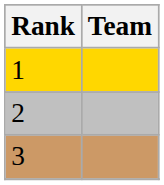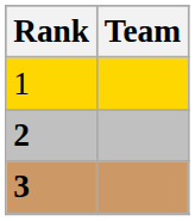 <table class="wikitable">
 <tr>
 <th>Rank</th>
 <th>Team</th>
 </tr>
 <tr style="background:gold;">
 <td>1</td>
 <td></td>
 </tr>
 <tr style="background:silver;">
-<td>2</td>
+<td><strong>2</strong></td>
 <td></td>
 </tr>
 <tr style="background:#c96;">
-<td>3</td>
+<td><strong>3</strong></td>
 <td></td>
 </tr>
 <tr>
 </tr>
 </table>
